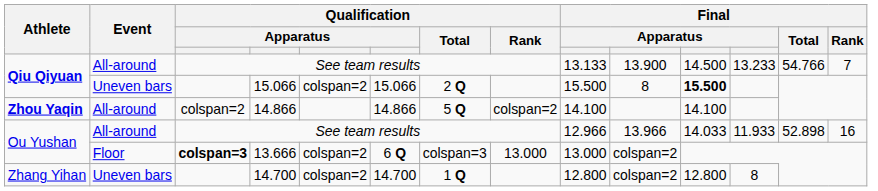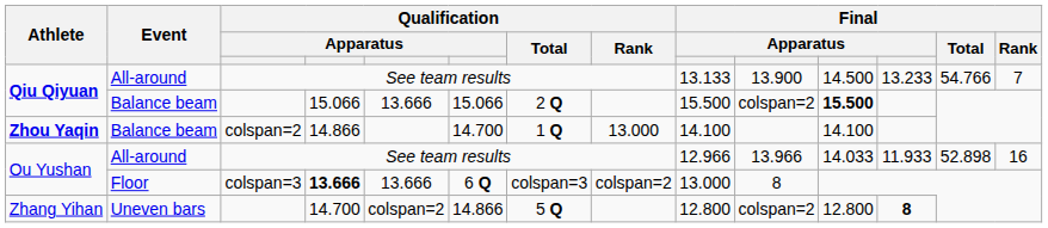 <table class=wikitable style=font-size:90%;text-align:center>
 <tr>
 <th rowspan=3>Athlete</th>
 <th rowspan=3>Event</th>
 <th colspan=6>Qualification</th>
 <th colspan=6>Final</th>
 </tr>
 <tr style=font-size:95%>
 <th colspan=4>Apparatus</th>
 <th rowspan=2>Total</th>
 <th rowspan=2>Rank</th>
 <th colspan=4>Apparatus</th>
 <th rowspan=2>Total</th>
 <th rowspan=2>Rank</th>
 </tr>
 <tr style=font-size:95%>
 <th></th>
 <th></th>
 <th></th>
 <th></th>
 <th></th>
 <th></th>
 <th></th>
 <th></th>
 </tr>
 <tr>
 <td align=left rowspan=2><strong><a href='#'>Qiu Qiyuan</a></strong></td>
 <td align=left><a href='#'>All-around</a></td>
 <td colspan=6><em>See team results</em></td>
 <td>13.133</td>
 <td>13.900</td>
 <td>14.500</td>
 <td>13.233</td>
 <td>54.766</td>
 <td>7</td>
 </tr>
 <tr>
-<td align=left><a href='#'>Uneven bars</a></td>
+<td align=left><a href='#'>Balance beam</a></td>
 <td></td>
 <td>15.066</td>
-<td>colspan=2</td>
+<td>13.666</td>
 <td>15.066</td>
 <td>2 <strong>Q</strong></td>
 <td></td>
 <td>15.500</td>
-<td>8</td>
+<td>colspan=2</td>
 <td><strong>15.500</strong></td>
 <td></td>
 </tr>
 <tr>
 <td align=left><strong><a href='#'>Zhou Yaqin</a></strong></td>
-<td align=left><a href='#'>All-around</a></td>
+<td align=left><a href='#'>Balance beam</a></td>
 <td>colspan=2</td>
 <td>14.866</td>
 <td></td>
-<td>14.866</td>
-<td>5  <strong>Q</strong></td>
-<td>colspan=2</td>
+<td>14.700</td>
+<td>1 <strong>Q</strong></td>
+<td>13.000</td>
 <td>14.100</td>
 <td></td>
 <td>14.100</td>
 <td></td>
 </tr>
 <tr>
 <td align=left rowspan=2><a href='#'>Ou Yushan</a></td>
 <td align=left><a href='#'>All-around</a></td>
 <td colspan=6><em>See team results</em></td>
 <td>12.966</td>
 <td>13.966</td>
 <td>14.033</td>
 <td>11.933</td>
 <td>52.898</td>
 <td>16</td>
 </tr>
 <tr>
 <td align=left><a href='#'>Floor</a></td>
-<td><strong>colspan=3</strong></td>
+<td>colspan=3</td>
+<td><strong>13.666</strong></td>
 <td>13.666</td>
-<td>colspan=2</td>
 <td>6 <strong>Q</strong></td>
 <td>colspan=3</td>
+<td>colspan=2</td>
 <td>13.000</td>
-<td>13.000</td>
-<td>colspan=2</td>
+<td>8</td>
 </tr>
 <tr>
 <td align=left><a href='#'>Zhang Yihan</a></td>
 <td align=left><a href='#'>Uneven bars</a></td>
 <td></td>
 <td>14.700</td>
 <td>colspan=2</td>
-<td>14.700</td>
-<td>1 <strong>Q</strong></td>
+<td>14.866</td>
+<td>5  <strong>Q</strong></td>
 <td></td>
 <td>12.800</td>
 <td>colspan=2</td>
 <td>12.800</td>
-<td>8</td>
+<td><strong>8</strong></td>
 </tr>
 </table>
